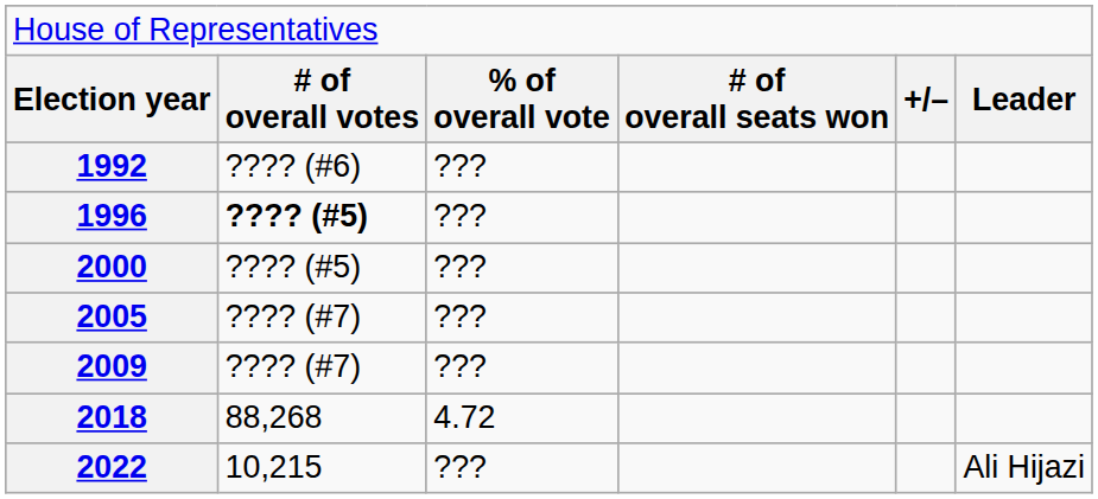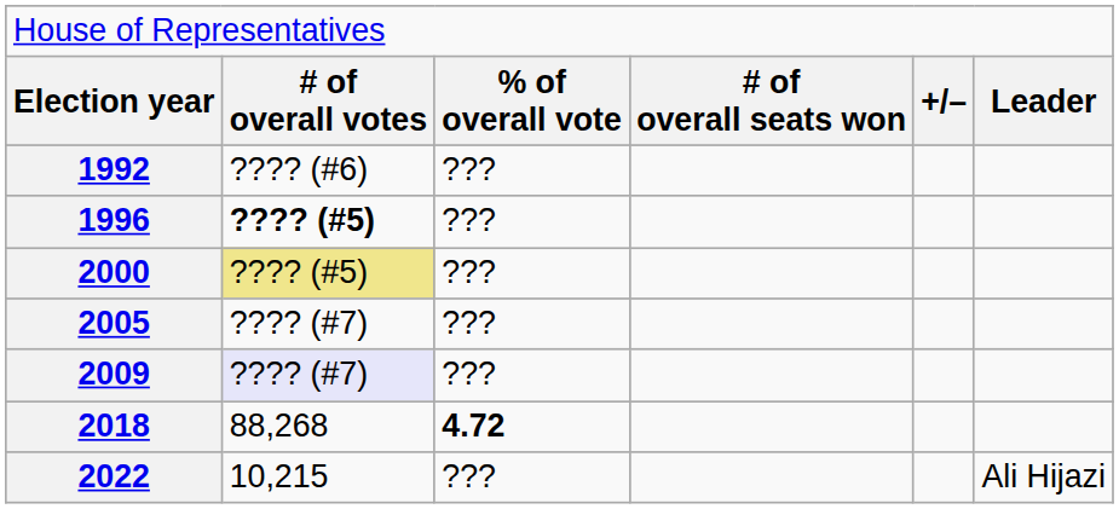 <table class=wikitable>
 <tr>
 <td colspan=7><a href='#'>House of Representatives</a></td>
 </tr>
 <tr>
 <th>Election year</th>
 <th># of<br>overall votes</th>
 <th>% of<br>overall vote</th>
 <th># of<br>overall seats won</th>
 <th>+/–</th>
 <th>Leader</th>
 </tr>
 <tr>
 <th><a href='#'>1992</a></th>
 <td>???? (#6)</td>
 <td>???</td>
 <td></td>
 <td></td>
 <td></td>
 </tr>
 <tr>
 <th><a href='#'>1996</a></th>
 <td><strong>???? (#5)</strong></td>
 <td>???</td>
 <td></td>
 <td></td>
 <td></td>
 </tr>
 <tr>
 <th><a href='#'>2000</a></th>
-<td>???? (#5)</td>
+<td style="background: khaki;">???? (#5)</td>
 <td>???</td>
 <td></td>
 <td></td>
 <td></td>
 </tr>
 <tr>
 <th><a href='#'>2005</a></th>
 <td>???? (#7)</td>
 <td>???</td>
 <td></td>
 <td></td>
 <td></td>
 </tr>
 <tr>
 <th><a href='#'>2009</a></th>
-<td>???? (#7)</td>
+<td style="background: lavender;">???? (#7)</td>
 <td>???</td>
 <td></td>
 <td></td>
 <td></td>
 </tr>
 <tr>
 <th><a href='#'>2018</a></th>
 <td>88,268</td>
-<td>4.72</td>
+<td><strong>4.72</strong></td>
 <td></td>
 <td></td>
 <td></td>
 </tr>
 <tr>
 <th><a href='#'>2022</a></th>
 <td>10,215</td>
 <td>???</td>
 <td></td>
 <td></td>
 <td>Ali Hijazi</td>
 </tr>
 </table>
